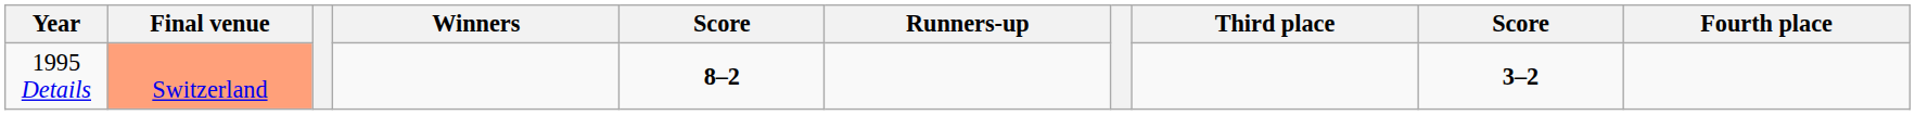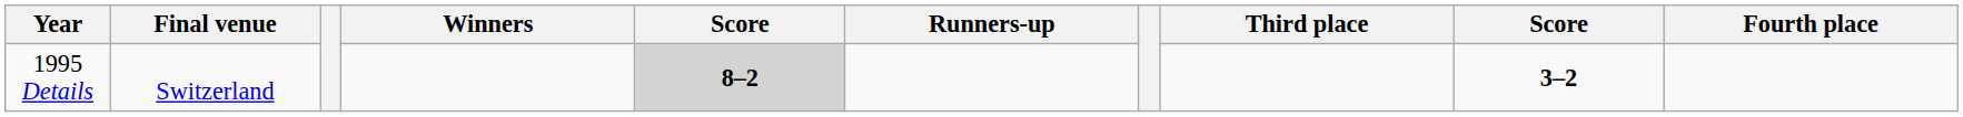 <table class="wikitable" style="text-align:center; width:100%">
 <tr>
 <th width=5%>Year</th>
 <th width=10%>Final venue</th>
 <th width=1% rowspan=2 bgcolor=ffffff></th>
 <th width=14%>Winners</th>
 <th width=10%>Score</th>
 <th width=14%>Runners-up</th>
 <th width=1% rowspan=2 bgcolor=ffffff></th>
 <th width=14%>Third place</th>
 <th width=10%>Score</th>
 <th width=14%>Fourth place</th>
 </tr>
 <tr>
 <td>1995 <br> <em><a href='#'>Details</a></em></td>
-<td style="background: lightsalmon;"> <br> <a href='#'>Switzerland</a></td>
+<td> <br> <a href='#'>Switzerland</a></td>
 <td></td>
-<td><strong>8–2</strong></td>
+<td style="background: lightgrey;"><strong>8–2</strong></td>
 <td></td>
 <td></td>
 <td><strong>3–2</strong></td>
 <td></td>
 </tr>
 </table>
